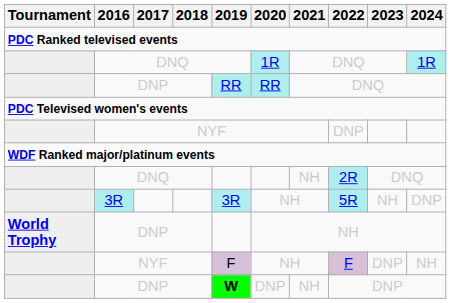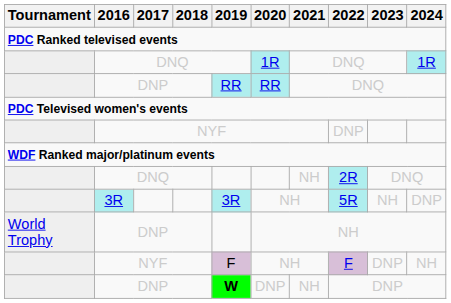 <table class="wikitable" style="width:20%; margin:0">
 <tr>
 <th>Tournament</th>
 <th>2016</th>
 <th>2017</th>
 <th>2018</th>
 <th>2019</th>
 <th>2020</th>
 <th>2021</th>
 <th>2022</th>
 <th>2023</th>
 <th>2024</th>
 </tr>
 <tr>
 <td colspan="12" style="text-align:left"><small><strong><a href='#'>PDC</a> Ranked televised events</strong></small></td>
 </tr>
 <tr>
 <td style="background:#efefef;"></td>
 <td colspan="4" style="text-align:center; color:#ccc;">DNQ</td>
 <td style="text-align:center; background:#afeeee;"><a href='#'>1R</a></td>
 <td colspan="3" style="text-align:center; color:#ccc;">DNQ</td>
 <td style="text-align:center; background:#afeeee;"><a href='#'>1R</a></td>
 </tr>
 <tr>
 <td style="background:#efefef;"></td>
 <td colspan="3" style="text-align:center; color:#ccc;">DNP</td>
 <td style="text-align:center; background:#afeeee;"><a href='#'>RR</a></td>
 <td style="text-align:center; background:#afeeee;"><a href='#'>RR</a></td>
 <td colspan="4" style="text-align:center; color:#ccc;">DNQ</td>
 </tr>
 <tr>
 <td colspan="12" style="text-align:left"><small> <strong><a href='#'>PDC</a> Televised women's events</strong></small></td>
 </tr>
 <tr>
 <td style="background:#efefef;"></td>
 <td colspan="6" style="text-align:center; color:#ccc;">NYF</td>
 <td style="text-align:center; color:#ccc;">DNP</td>
 <td></td>
 <td></td>
 </tr>
 <tr>
 <td colspan="12" style="text-align:left"><small><strong><a href='#'>WDF</a> Ranked major/platinum events</strong></small></td>
 </tr>
 <tr>
 <td style="background:#efefef;"></td>
 <td colspan="3" style="text-align:center; color:#ccc;">DNQ</td>
 <td></td>
 <td></td>
 <td style="text-align:center; color:#ccc;">NH</td>
 <td style="text-align:center; background:#afeeee;"><a href='#'>2R</a></td>
 <td colspan="2" style="text-align:center; color:#ccc;">DNQ</td>
 </tr>
 <tr>
 <td style="background:#efefef;"></td>
 <td style="text-align:center; background:#afeeee;"><a href='#'>3R</a></td>
 <td></td>
 <td></td>
 <td style="text-align:center; background:#afeeee;"><a href='#'>3R</a></td>
 <td colspan="2" style="text-align:center; color:#ccc;">NH</td>
 <td style="text-align:center; background:#afeeee;"><a href='#'>5R</a></td>
 <td style="text-align:center; color:#ccc;">NH</td>
 <td style="text-align:center; color:#ccc;">DNP</td>
 </tr>
 <tr>
-<td style="background:#efefef;"><strong><a href='#'>World Trophy</a></strong></td>
+<td style="background:#efefef;"><a href='#'>World Trophy</a></td>
 <td colspan="3" style="text-align:center; color:#ccc;">DNP</td>
 <td></td>
 <td colspan="6" style="text-align:center; color:#ccc;">NH</td>
 </tr>
 <tr>
 <td style="background:#efefef;"></td>
 <td colspan="3" style="text-align:center; color:#ccc;">NYF</td>
 <td style="text-align:center; background:thistle;">F</td>
 <td colspan="2" style="text-align:center; color:#ccc;">NH</td>
 <td style="text-align:center; background:thistle;"><a href='#'>F</a></td>
 <td style="text-align:center; color:#ccc;">DNP</td>
 <td style="text-align:center; color:#ccc;">NH</td>
 </tr>
 <tr>
 <td style="background:#efefef;"></td>
 <td colspan="3" style="text-align:center; color:#ccc;">DNP</td>
 <td style="text-align:center; background:lime;"><strong>W</strong></td>
 <td style="text-align:center; color:#ccc;">DNP</td>
 <td style="text-align:center; color:#ccc;">NH</td>
 <td colspan="3" style="text-align:center; color:#ccc;">DNP</td>
 </tr>
 </table>
